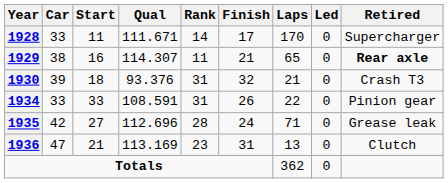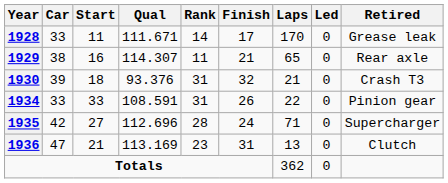 <table class="wikitable" style="text-align:center">
 <tr>
 <th>Year</th>
 <th>Car</th>
 <th>Start</th>
 <th>Qual</th>
 <th>Rank</th>
 <th>Finish</th>
 <th>Laps</th>
 <th>Led</th>
 <th>Retired</th>
 </tr>
 <tr>
 <th><a href='#'>1928</a></th>
 <td>33</td>
 <td>11</td>
 <td>111.671</td>
 <td>14</td>
 <td>17</td>
 <td>170</td>
 <td>0</td>
-<td>Supercharger</td>
+<td>Grease leak</td>
 </tr>
 <tr>
 <th><a href='#'>1929</a></th>
 <td>38</td>
 <td>16</td>
 <td>114.307</td>
 <td>11</td>
 <td>21</td>
 <td>65</td>
 <td>0</td>
-<td><strong>Rear axle</strong></td>
+<td>Rear axle</td>
 </tr>
 <tr>
 <th><a href='#'>1930</a></th>
 <td>39</td>
 <td>18</td>
 <td>93.376</td>
 <td>31</td>
 <td>32</td>
 <td>21</td>
 <td>0</td>
 <td>Crash T3</td>
 </tr>
 <tr>
 <th><a href='#'>1934</a></th>
 <td>33</td>
 <td>33</td>
 <td>108.591</td>
 <td>31</td>
 <td>26</td>
 <td>22</td>
 <td>0</td>
 <td>Pinion gear</td>
 </tr>
 <tr>
 <th><a href='#'>1935</a></th>
 <td>42</td>
 <td>27</td>
 <td>112.696</td>
 <td>28</td>
 <td>24</td>
 <td>71</td>
 <td>0</td>
-<td>Grease leak</td>
+<td>Supercharger</td>
 </tr>
 <tr>
 <th><a href='#'>1936</a></th>
 <td>47</td>
 <td>21</td>
 <td>113.169</td>
 <td>23</td>
 <td>31</td>
 <td>13</td>
 <td>0</td>
 <td>Clutch</td>
 </tr>
 <tr>
 <td colspan=6><strong>Totals</strong></td>
 <td>362</td>
 <td>0</td>
 <td></td>
 </tr>
 </table>
